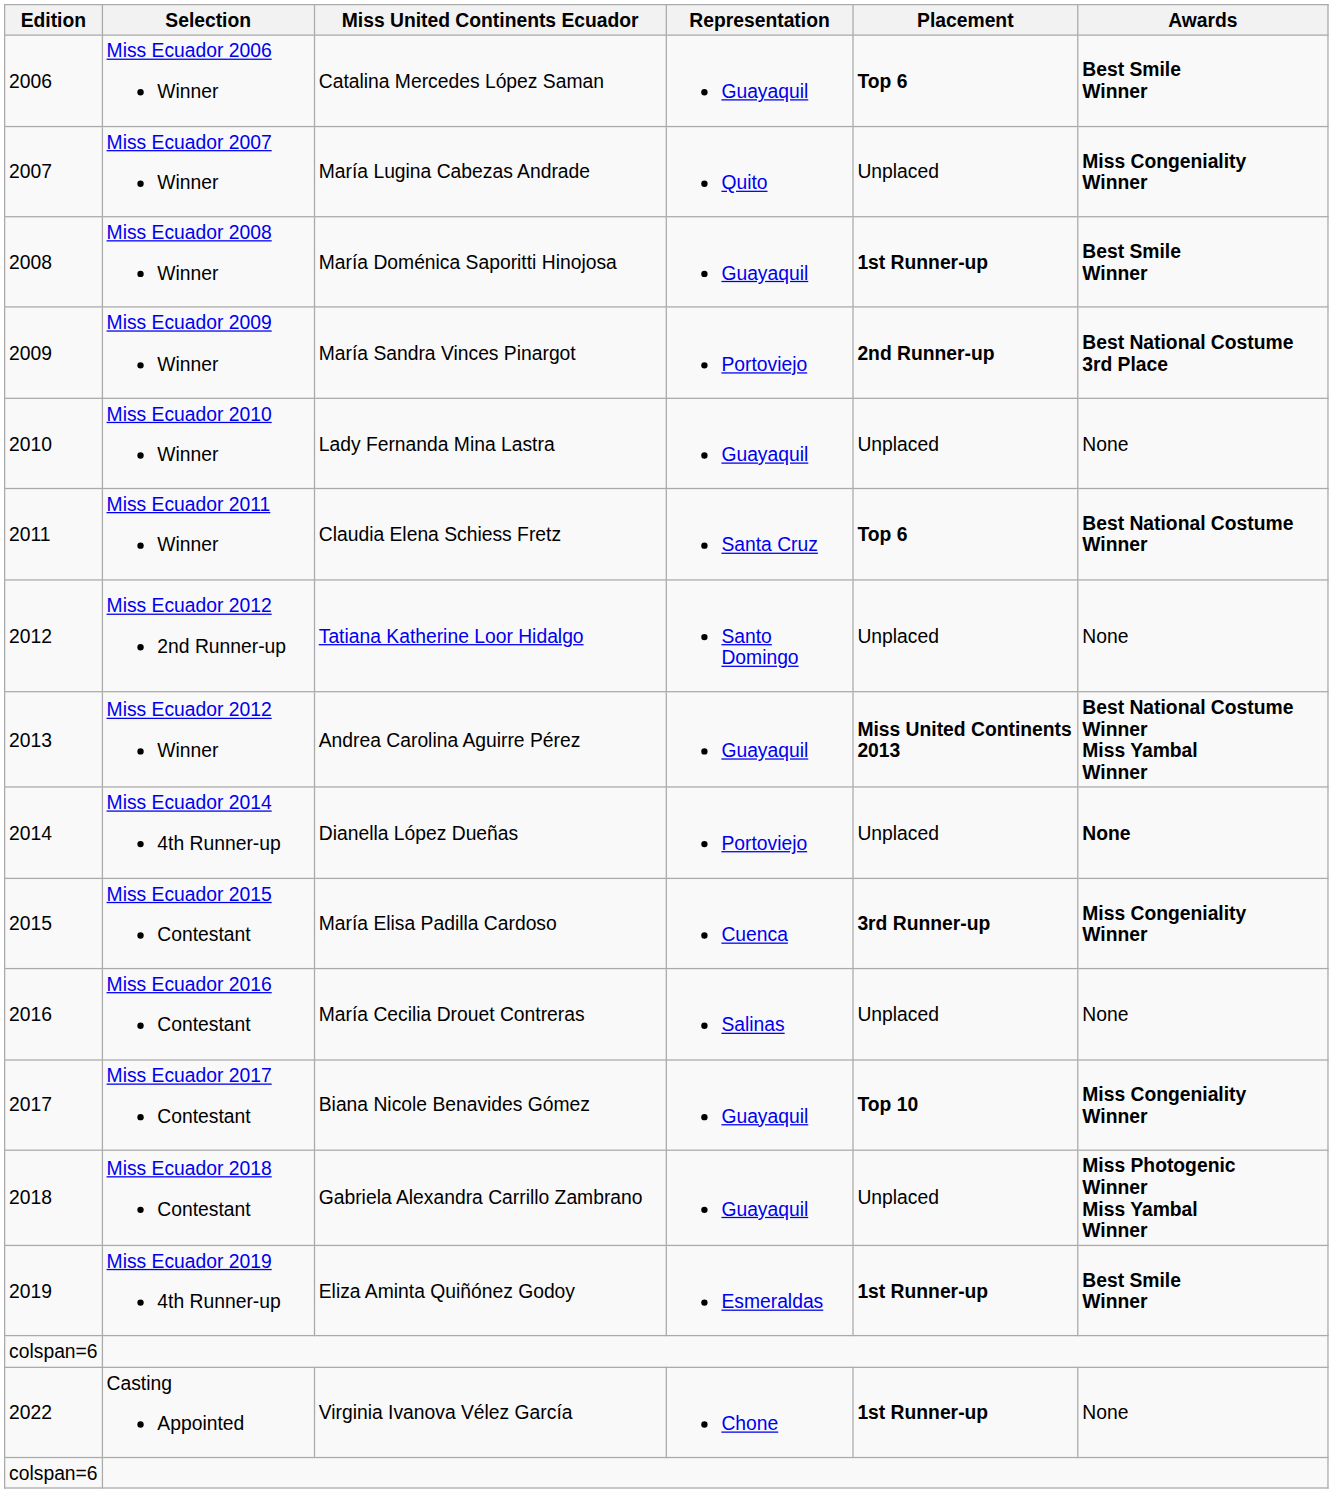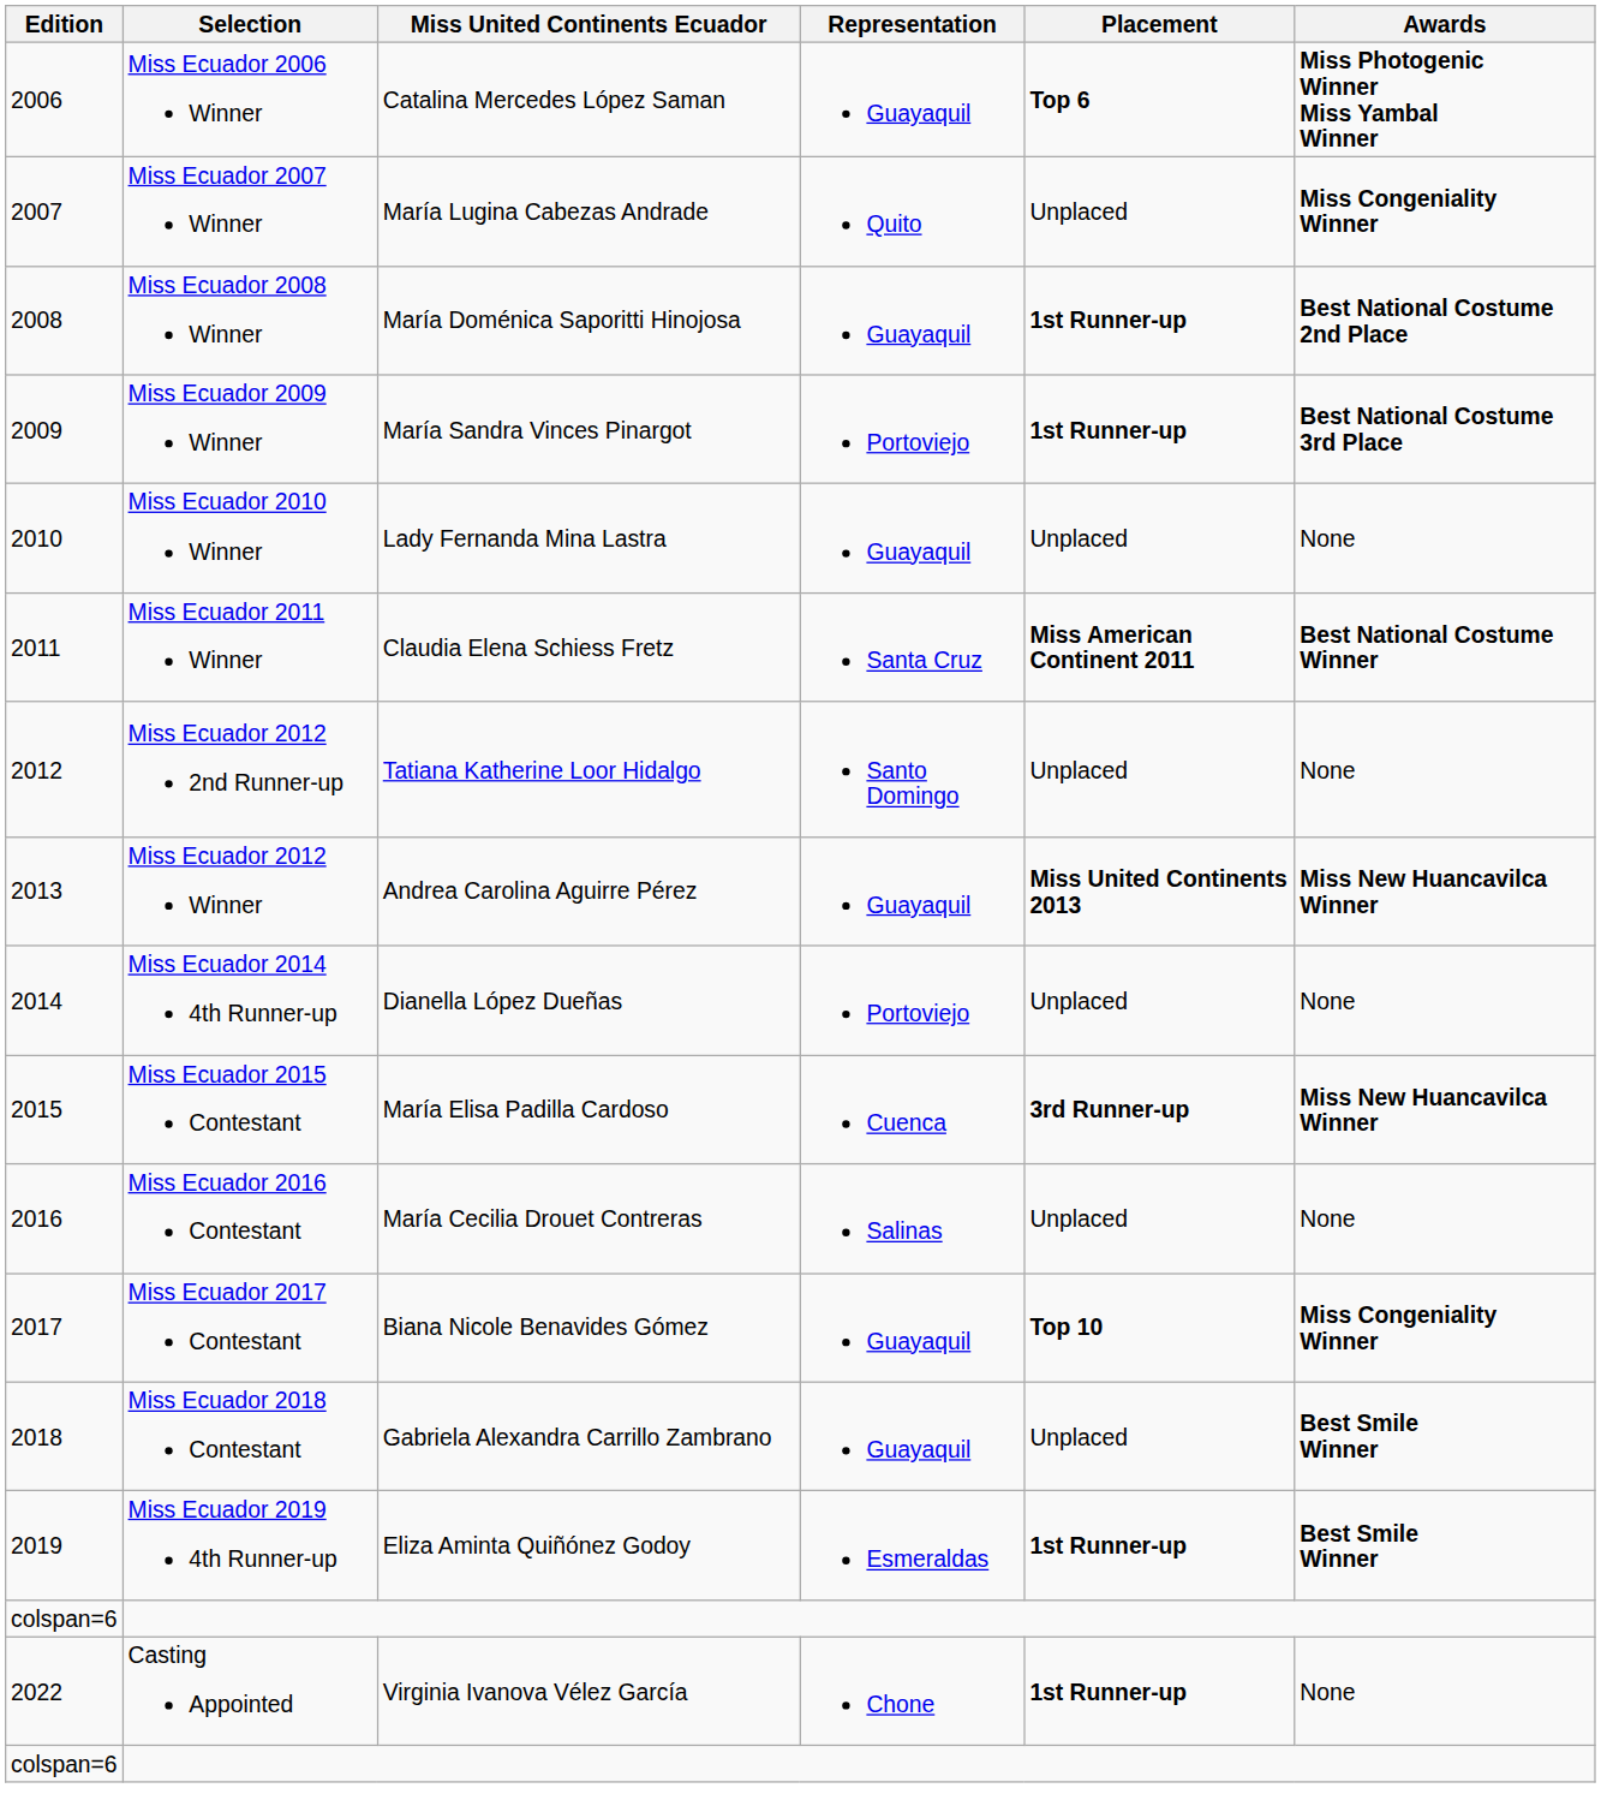 <table class="wikitable sortable" style="font-size: 95%">
 <tr>
 <th width="2">Edition</th>
 <th width="160">Selection</th>
 <th width="270">Miss United Continents Ecuador</th>
 <th width="140">Representation</th>
 <th width="170">Placement</th>
 <th width="190">Awards</th>
 </tr>
 <tr>
 <td>2006</td>
 <td><a href='#'>Miss Ecuador 2006</a><br><ul><li>Winner</li></ul></td>
 <td>Catalina Mercedes López Saman</td>
 <td><br><ul><li><a href='#'>Guayaquil</a></li></ul></td>
 <td><strong>Top 6</strong></td>
-<td><strong>Best Smile<br>Winner</strong></td>
+<td><strong>Miss Photogenic<br>Winner<br>Miss Yambal<br>Winner</strong></td>
 </tr>
 <tr>
 <td>2007</td>
 <td><a href='#'>Miss Ecuador 2007</a><br><ul><li>Winner</li></ul></td>
 <td>María Lugina Cabezas Andrade</td>
 <td><br><ul><li><a href='#'>Quito</a></li></ul></td>
 <td>Unplaced</td>
 <td><strong>Miss Congeniality<br>Winner</strong></td>
 </tr>
 <tr>
 <td>2008</td>
 <td><a href='#'>Miss Ecuador 2008</a><br><ul><li>Winner</li></ul></td>
 <td>María Doménica Saporitti Hinojosa</td>
 <td><br><ul><li><a href='#'>Guayaquil</a></li></ul></td>
 <td><strong>1st Runner-up</strong></td>
-<td><strong>Best Smile<br>Winner</strong></td>
+<td><strong>Best National Costume<br>2nd Place</strong></td>
 </tr>
 <tr>
 <td>2009</td>
 <td><a href='#'>Miss Ecuador 2009</a><br><ul><li>Winner</li></ul></td>
 <td>María Sandra Vinces Pinargot</td>
 <td><br><ul><li><a href='#'>Portoviejo</a></li></ul></td>
-<td><strong>2nd Runner-up</strong></td>
+<td><strong>1st Runner-up</strong></td>
 <td><strong>Best National Costume<br>3rd Place</strong></td>
 </tr>
 <tr>
 <td>2010</td>
 <td><a href='#'>Miss Ecuador 2010</a><br><ul><li>Winner</li></ul></td>
 <td>Lady Fernanda Mina Lastra</td>
 <td><br><ul><li><a href='#'>Guayaquil</a></li></ul></td>
 <td>Unplaced</td>
 <td>None</td>
 </tr>
 <tr>
 <td>2011</td>
 <td><a href='#'>Miss Ecuador 2011</a><br><ul><li>Winner</li></ul></td>
 <td>Claudia Elena Schiess Fretz</td>
 <td><br><ul><li><a href='#'>Santa Cruz</a></li></ul></td>
-<td><strong>Top 6</strong></td>
+<td><strong>Miss American Continent 2011</strong></td>
 <td><strong>Best National Costume<br>Winner</strong></td>
 </tr>
 <tr>
 <td>2012</td>
 <td><a href='#'>Miss Ecuador 2012</a><br><ul><li>2nd Runner-up</li></ul></td>
 <td><a href='#'>Tatiana Katherine Loor Hidalgo</a></td>
 <td><br><ul><li><a href='#'>Santo Domingo</a></li></ul></td>
 <td>Unplaced</td>
 <td>None</td>
 </tr>
 <tr>
 <td>2013</td>
 <td><a href='#'>Miss Ecuador 2012</a><br><ul><li>Winner</li></ul></td>
 <td>Andrea Carolina Aguirre Pérez</td>
 <td><br><ul><li><a href='#'>Guayaquil</a></li></ul></td>
 <td><strong>Miss United Continents 2013</strong></td>
-<td><strong>Best National Costume<br>Winner<br>Miss Yambal<br>Winner</strong></td>
+<td><strong>Miss New Huancavilca<br>Winner</strong></td>
 </tr>
 <tr>
 <td>2014</td>
 <td><a href='#'>Miss Ecuador 2014</a><br><ul><li>4th Runner-up</li></ul></td>
 <td>Dianella López Dueñas</td>
 <td><br><ul><li><a href='#'>Portoviejo</a></li></ul></td>
 <td>Unplaced</td>
-<td><strong>None</strong></td>
+<td>None</td>
 </tr>
 <tr>
 <td>2015</td>
 <td><a href='#'>Miss Ecuador 2015</a><br><ul><li>Contestant</li></ul></td>
 <td>María Elisa Padilla Cardoso</td>
 <td><br><ul><li><a href='#'>Cuenca</a></li></ul></td>
 <td><strong>3rd Runner-up</strong></td>
-<td><strong>Miss Congeniality<br>Winner</strong></td>
+<td><strong>Miss New Huancavilca<br>Winner</strong></td>
 </tr>
 <tr>
 <td>2016</td>
 <td><a href='#'>Miss Ecuador 2016</a><br><ul><li>Contestant</li></ul></td>
 <td>María Cecilia Drouet Contreras</td>
 <td><br><ul><li><a href='#'>Salinas</a></li></ul></td>
 <td>Unplaced</td>
 <td>None</td>
 </tr>
 <tr>
 <td>2017</td>
 <td><a href='#'>Miss Ecuador 2017</a><br><ul><li>Contestant</li></ul></td>
 <td>Biana Nicole Benavides Gómez</td>
 <td><br><ul><li><a href='#'>Guayaquil</a></li></ul></td>
 <td><strong>Top 10</strong></td>
 <td><strong>Miss Congeniality<br>Winner</strong></td>
 </tr>
 <tr>
 <td>2018</td>
 <td><a href='#'>Miss Ecuador 2018</a><br><ul><li>Contestant</li></ul></td>
 <td>Gabriela Alexandra Carrillo Zambrano</td>
 <td><br><ul><li><a href='#'>Guayaquil</a></li></ul></td>
 <td>Unplaced</td>
-<td><strong>Miss Photogenic<br>Winner<br>Miss Yambal<br>Winner</strong></td>
+<td><strong>Best Smile<br>Winner</strong></td>
 </tr>
 <tr>
 <td>2019</td>
 <td><a href='#'>Miss Ecuador 2019</a><br><ul><li>4th Runner-up</li></ul></td>
 <td>Eliza Aminta Quiñónez Godoy</td>
 <td><br><ul><li><a href='#'>Esmeraldas</a></li></ul></td>
 <td><strong>1st Runner-up</strong></td>
 <td><strong>Best Smile<br>Winner</strong></td>
 </tr>
 <tr>
 <td>colspan=6 </td>
 </tr>
 <tr>
 <td>2022</td>
 <td>Casting<br><ul><li>Appointed</li></ul></td>
 <td>Virginia Ivanova Vélez García</td>
 <td><br><ul><li><a href='#'>Chone</a></li></ul></td>
 <td><strong>1st Runner-up</strong></td>
 <td>None</td>
 </tr>
 <tr>
 <td>colspan=6 </td>
 </tr>
 </table>
